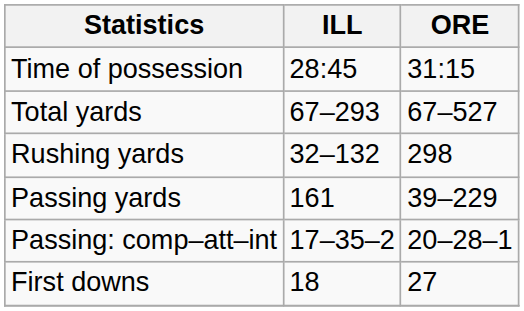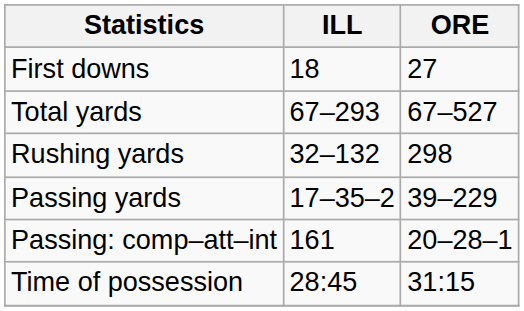 <table class="wikitable" style="float: left;">
 <tr>
 <th>Statistics</th>
 <th>ILL</th>
 <th>ORE</th>
 </tr>
 <tr>
-<td>Time of possession</td>
-<td>28:45</td>
-<td>31:15</td>
+<td>First downs</td>
+<td>18</td>
+<td>27</td>
 </tr>
 <tr>
 <td>Total yards</td>
 <td>67–293</td>
 <td>67–527</td>
 </tr>
 <tr>
 <td>Rushing yards</td>
 <td>32–132</td>
 <td>298</td>
 </tr>
 <tr>
 <td>Passing yards</td>
-<td>161</td>
+<td>17–35–2</td>
 <td>39–229</td>
 </tr>
 <tr>
 <td>Passing: comp–att–int</td>
-<td>17–35–2</td>
+<td>161</td>
 <td>20–28–1</td>
 </tr>
 <tr>
-<td>First downs</td>
-<td>18</td>
-<td>27</td>
+<td>Time of possession</td>
+<td>28:45</td>
+<td>31:15</td>
 </tr>
 <tr>
 </tr>
 </table>
